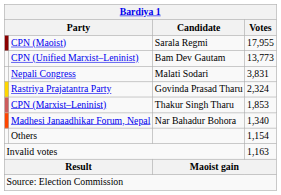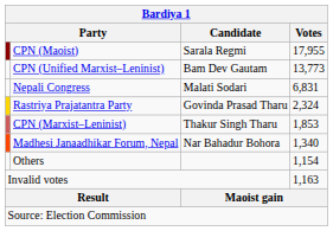 <table class="wikitable">
 <tr>
 <th colspan="4"><a href='#'>Bardiya 1</a></th>
 </tr>
 <tr>
 <th colspan="2">Party</th>
 <th>Candidate</th>
 <th>Votes</th>
 </tr>
 <tr>
 <td style="background-color:darkred"></td>
 <td><a href='#'>CPN (Maoist)</a></td>
 <td>Sarala Regmi</td>
 <td>17,955</td>
 </tr>
 <tr>
 <td style="background-color:"></td>
 <td><a href='#'>CPN (Unified Marxist–Leninist)</a></td>
 <td>Bam Dev Gautam</td>
 <td>13,773</td>
 </tr>
 <tr>
 <td style="background-color:"></td>
 <td><a href='#'>Nepali Congress</a></td>
 <td>Malati Sodari</td>
-<td>3,831</td>
+<td>6,831</td>
 </tr>
 <tr>
 <td style="background-color:gold"></td>
 <td><a href='#'>Rastriya Prajatantra Party</a></td>
 <td>Govinda Prasad Tharu</td>
 <td>2,324</td>
 </tr>
 <tr>
 <td style="background-color:indianred"></td>
 <td><a href='#'>CPN (Marxist–Leninist)</a></td>
 <td>Thakur Singh Tharu</td>
 <td>1,853</td>
 </tr>
 <tr>
 <td style="background-color:orangered"></td>
 <td><a href='#'>Madhesi Janaadhikar Forum, Nepal</a></td>
 <td>Nar Bahadur Bohora</td>
 <td>1,340</td>
 </tr>
 <tr>
 <td></td>
 <td>Others</td>
 <td></td>
 <td>1,154</td>
 </tr>
 <tr>
 <td colspan="3">Invalid votes</td>
 <td>1,163</td>
 </tr>
 <tr>
 <th colspan="2">Result</th>
 <th colspan="2">Maoist gain</th>
 </tr>
 <tr>
 <td colspan="4">Source: Election Commission</td>
 </tr>
 </table>
